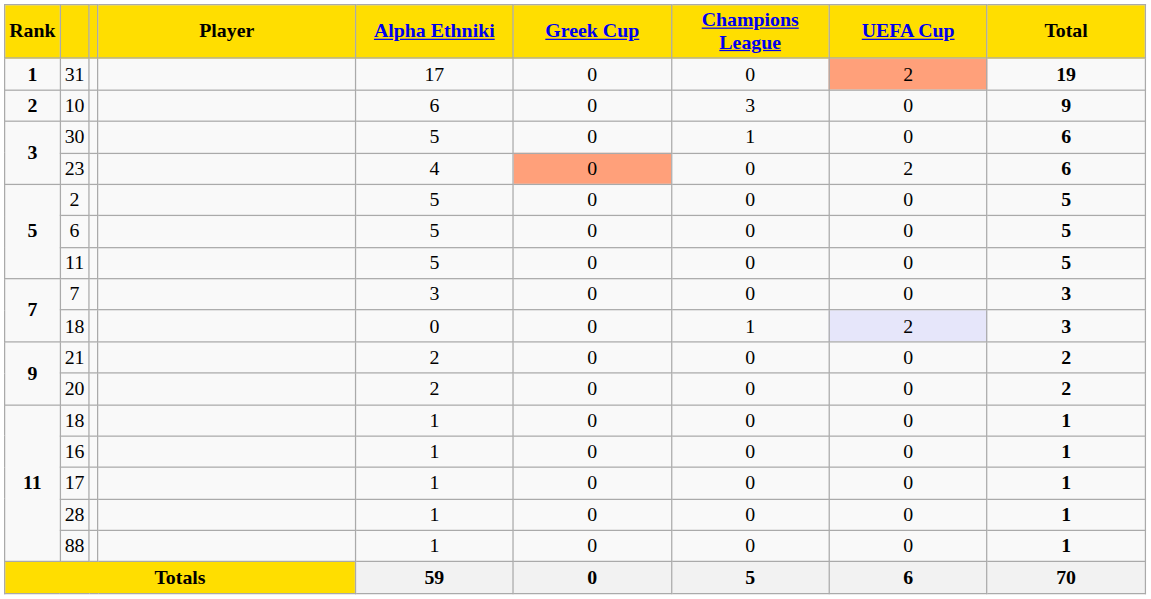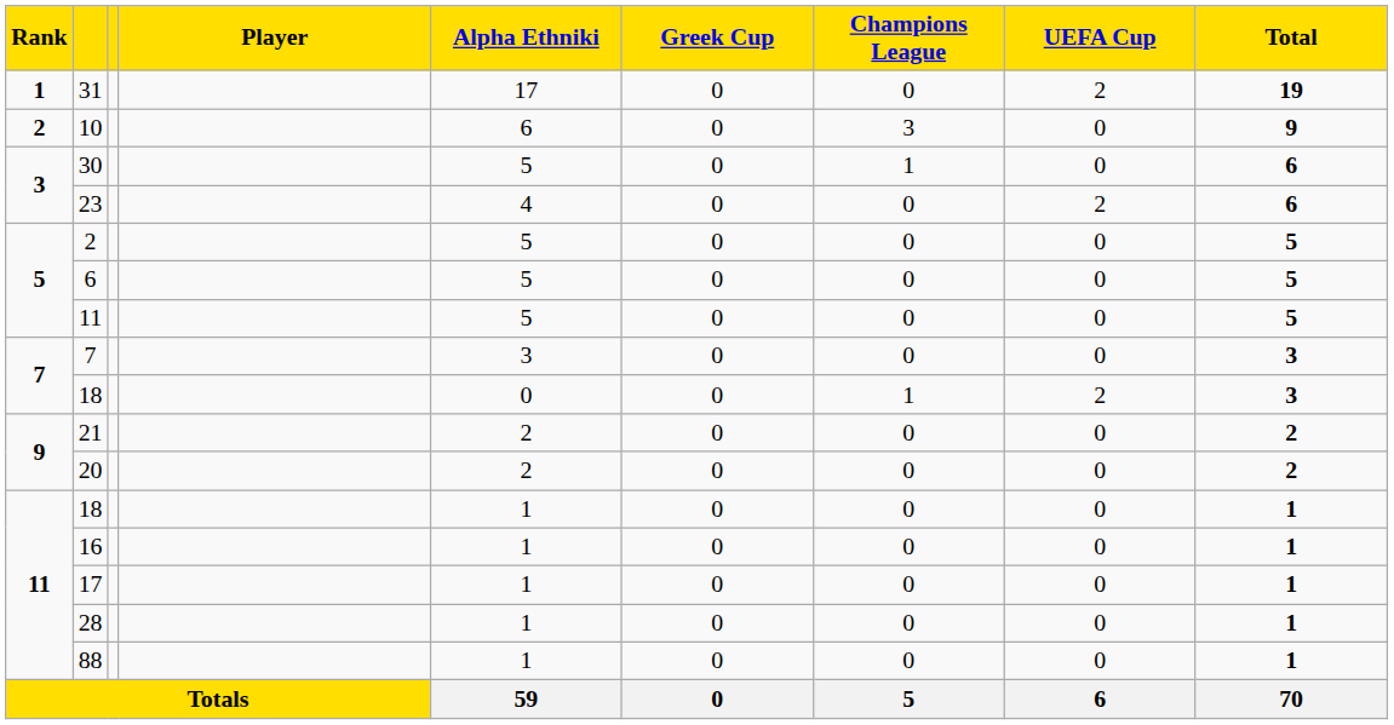 <table class="wikitable sortable" style="text-align: center">
 <tr>
 <th style="background:#FFDE00">Rank</th>
 <th style="background:#FFDE00"></th>
 <th style="background:#FFDE00"></th>
 <th width=200 style="background:#FFDE00">Player</th>
 <th width=120 style="background:#FFDE00"><a href='#'>Alpha Ethniki</a></th>
 <th width=120 style="background:#FFDE00"><a href='#'>Greek Cup</a></th>
 <th width=120 style="background:#FFDE00"><a href='#'>Champions League</a></th>
 <th width=120 style="background:#FFDE00"><a href='#'>UEFA Cup</a></th>
 <th width=120 style="background:#FFDE00">Total</th>
 </tr>
 <tr>
 <td><strong>1</strong></td>
 <td>31</td>
 <td></td>
 <td align=left></td>
 <td>17</td>
 <td>0</td>
 <td>0</td>
-<td style="background: lightsalmon;">2</td>
+<td>2</td>
 <td><strong>19</strong></td>
 </tr>
 <tr>
 <td><strong>2</strong></td>
 <td>10</td>
 <td></td>
 <td align=left></td>
 <td>6</td>
 <td>0</td>
 <td>3</td>
 <td>0</td>
 <td><strong>9</strong></td>
 </tr>
 <tr>
 <td rowspan=2><strong>3</strong></td>
 <td>30</td>
 <td></td>
 <td align=left></td>
 <td>5</td>
 <td>0</td>
 <td>1</td>
 <td>0</td>
 <td><strong>6</strong></td>
 </tr>
 <tr>
 <td>23</td>
 <td></td>
 <td align=left></td>
 <td>4</td>
-<td style="background: lightsalmon;">0</td>
+<td>0</td>
 <td>0</td>
 <td>2</td>
 <td><strong>6</strong></td>
 </tr>
 <tr>
 <td rowspan=3><strong>5</strong></td>
 <td>2</td>
 <td></td>
 <td align=left></td>
 <td>5</td>
 <td>0</td>
 <td>0</td>
 <td>0</td>
 <td><strong>5</strong></td>
 </tr>
 <tr>
 <td>6</td>
 <td></td>
 <td align=left></td>
 <td>5</td>
 <td>0</td>
 <td>0</td>
 <td>0</td>
 <td><strong>5</strong></td>
 </tr>
 <tr>
 <td>11</td>
 <td></td>
 <td align=left></td>
 <td>5</td>
 <td>0</td>
 <td>0</td>
 <td>0</td>
 <td><strong>5</strong></td>
 </tr>
 <tr>
 <td rowspan=2><strong>7</strong></td>
 <td>7</td>
 <td></td>
 <td align=left></td>
 <td>3</td>
 <td>0</td>
 <td>0</td>
 <td>0</td>
 <td><strong>3</strong></td>
 </tr>
 <tr>
 <td>18</td>
 <td></td>
 <td align=left></td>
 <td>0</td>
 <td>0</td>
 <td>1</td>
-<td style="background: lavender;">2</td>
+<td>2</td>
 <td><strong>3</strong></td>
 </tr>
 <tr>
 <td rowspan=2><strong>9</strong></td>
 <td>21</td>
 <td></td>
 <td align=left></td>
 <td>2</td>
 <td>0</td>
 <td>0</td>
 <td>0</td>
 <td><strong>2</strong></td>
 </tr>
 <tr>
 <td>20</td>
 <td></td>
 <td align=left></td>
 <td>2</td>
 <td>0</td>
 <td>0</td>
 <td>0</td>
 <td><strong>2</strong></td>
 </tr>
 <tr>
 <td rowspan=5><strong>11</strong></td>
 <td>18</td>
 <td></td>
 <td align=left></td>
 <td>1</td>
 <td>0</td>
 <td>0</td>
 <td>0</td>
 <td><strong>1</strong></td>
 </tr>
 <tr>
 <td>16</td>
 <td></td>
 <td align=left></td>
 <td>1</td>
 <td>0</td>
 <td>0</td>
 <td>0</td>
 <td><strong>1</strong></td>
 </tr>
 <tr>
 <td>17</td>
 <td></td>
 <td align=left></td>
 <td>1</td>
 <td>0</td>
 <td>0</td>
 <td>0</td>
 <td><strong>1</strong></td>
 </tr>
 <tr>
 <td>28</td>
 <td></td>
 <td align=left></td>
 <td>1</td>
 <td>0</td>
 <td>0</td>
 <td>0</td>
 <td><strong>1</strong></td>
 </tr>
 <tr>
 <td>88</td>
 <td></td>
 <td align=left></td>
 <td>1</td>
 <td>0</td>
 <td>0</td>
 <td>0</td>
 <td><strong>1</strong></td>
 </tr>
 <tr class="sortbottom">
 <th colspan=4 style="background:#FFDE00"><strong>Totals</strong></th>
 <th><strong>59</strong></th>
 <th><strong> 0</strong></th>
 <th><strong> 5</strong></th>
 <th><strong> 6</strong></th>
 <th><strong>70</strong></th>
 </tr>
 </table>
